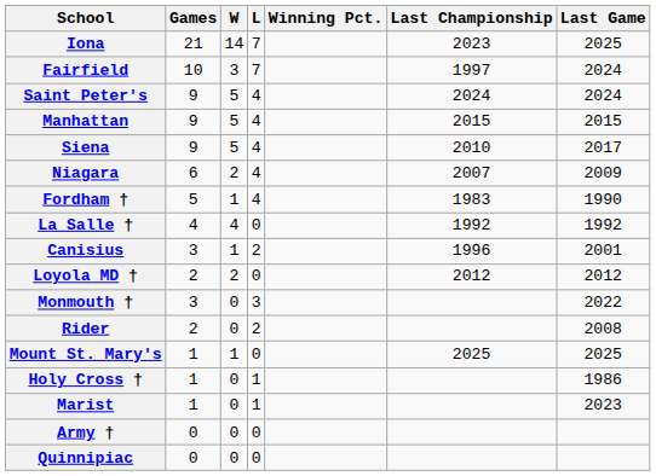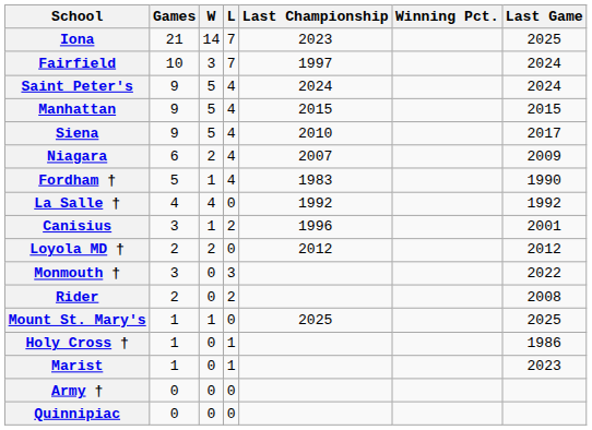 <table class="wikitable sortable" style="text-align:center">
 <tr>
 <th width=px>School</th>
 <th width=px>Games</th>
 <th width=px>W</th>
 <th width=px>L</th>
+<th width=px>Last Championship</th>
 <th width=px>Winning Pct.</th>
-<th width=px>Last Championship</th>
 <th width=px>Last Game</th>
 </tr>
 <tr>
 <th><a href='#'>Iona</a></th>
 <td>21</td>
 <td>14</td>
 <td>7</td>
+<td>2023</td>
 <td></td>
-<td>2023</td>
 <td>2025</td>
 </tr>
 <tr>
 <th><a href='#'>Fairfield</a></th>
 <td>10</td>
 <td>3</td>
 <td>7</td>
+<td>1997</td>
 <td></td>
-<td>1997</td>
 <td>2024</td>
 </tr>
 <tr>
 <th><a href='#'>Saint Peter's</a></th>
 <td>9</td>
 <td>5</td>
 <td>4</td>
+<td>2024</td>
 <td></td>
-<td>2024</td>
 <td>2024</td>
 </tr>
 <tr>
 <th><a href='#'>Manhattan</a></th>
 <td>9</td>
 <td>5</td>
 <td>4</td>
+<td>2015</td>
 <td></td>
-<td>2015</td>
 <td>2015</td>
 </tr>
 <tr>
 <th><a href='#'>Siena</a></th>
 <td>9</td>
 <td>5</td>
 <td>4</td>
+<td>2010</td>
 <td></td>
-<td>2010</td>
 <td>2017</td>
 </tr>
 <tr>
 <th><a href='#'>Niagara</a></th>
 <td>6</td>
 <td>2</td>
 <td>4</td>
+<td>2007</td>
 <td></td>
-<td>2007</td>
 <td>2009</td>
 </tr>
 <tr>
 <th><a href='#'>Fordham</a> †</th>
 <td>5</td>
 <td>1</td>
 <td>4</td>
+<td>1983</td>
 <td></td>
-<td>1983</td>
 <td>1990</td>
 </tr>
 <tr>
 <th><a href='#'>La Salle</a> †</th>
 <td>4</td>
 <td>4</td>
 <td>0</td>
+<td>1992</td>
 <td></td>
-<td>1992</td>
 <td>1992</td>
 </tr>
 <tr>
 <th><a href='#'>Canisius</a></th>
 <td>3</td>
 <td>1</td>
 <td>2</td>
+<td>1996</td>
 <td></td>
-<td>1996</td>
 <td>2001</td>
 </tr>
 <tr>
 <th><a href='#'>Loyola MD</a> †</th>
 <td>2</td>
 <td>2</td>
 <td>0</td>
+<td>2012</td>
 <td></td>
-<td>2012</td>
 <td>2012</td>
 </tr>
 <tr>
 <th><a href='#'>Monmouth</a> †</th>
 <td>3</td>
 <td>0</td>
 <td>3</td>
 <td></td>
 <td></td>
 <td>2022</td>
 </tr>
 <tr>
 <th><a href='#'>Rider</a></th>
 <td>2</td>
 <td>0</td>
 <td>2</td>
 <td></td>
 <td></td>
 <td>2008</td>
 </tr>
 <tr>
 <th><a href='#'>Mount St. Mary's</a></th>
 <td>1</td>
 <td>1</td>
 <td>0</td>
+<td>2025</td>
 <td></td>
-<td>2025</td>
 <td>2025</td>
 </tr>
 <tr>
 <th><a href='#'>Holy Cross</a> †</th>
 <td>1</td>
 <td>0</td>
 <td>1</td>
 <td></td>
 <td></td>
 <td>1986</td>
 </tr>
 <tr>
 <th><a href='#'>Marist</a></th>
 <td>1</td>
 <td>0</td>
 <td>1</td>
 <td></td>
 <td></td>
 <td>2023</td>
 </tr>
 <tr>
 <th><a href='#'>Army</a> †</th>
 <td>0</td>
 <td>0</td>
 <td>0</td>
 <td></td>
 <td></td>
 <td></td>
 </tr>
 <tr>
 <th><a href='#'>Quinnipiac</a></th>
 <td>0</td>
 <td>0</td>
 <td>0</td>
 <td></td>
 <td></td>
 <td></td>
 </tr>
 </table>
